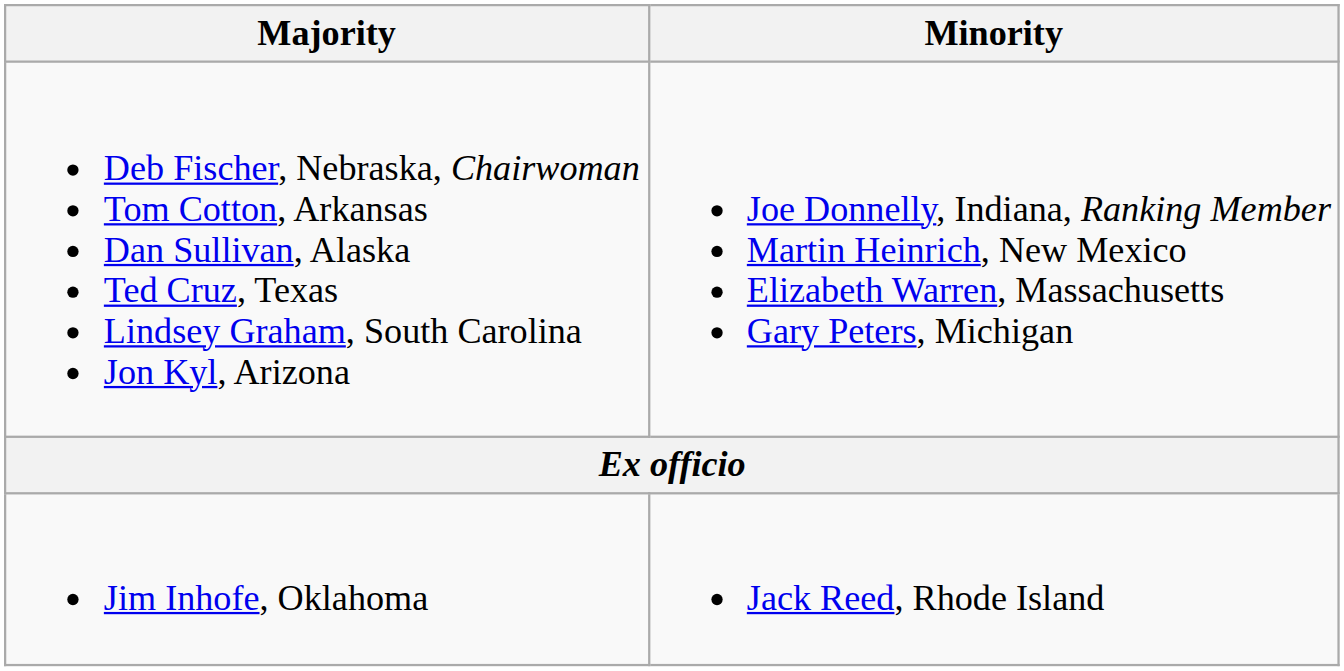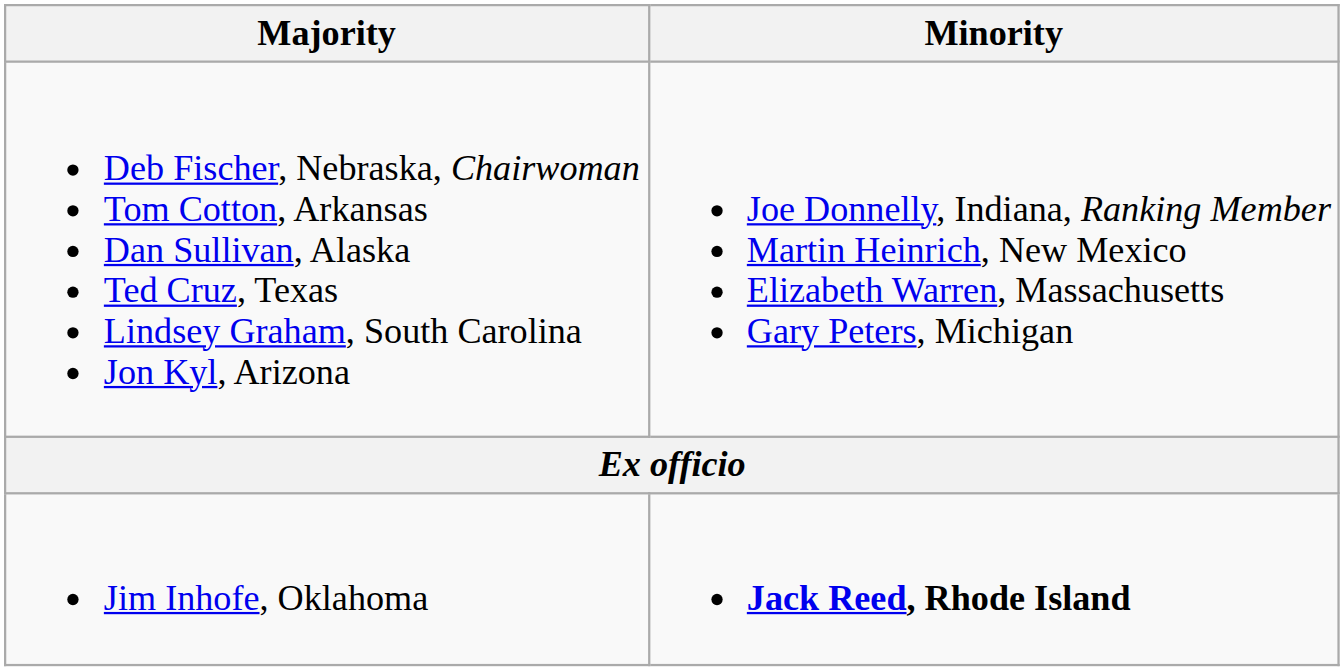 <table class=wikitable>
 <tr>
 <th>Majority</th>
 <th>Minority</th>
 </tr>
 <tr>
 <td><br><ul><li><a href='#'>Deb Fischer</a>, Nebraska, <em>Chairwoman</em></li><li><a href='#'>Tom Cotton</a>, Arkansas</li><li><a href='#'>Dan Sullivan</a>, Alaska</li><li><a href='#'>Ted Cruz</a>, Texas</li><li><a href='#'>Lindsey Graham</a>, South Carolina</li><li><a href='#'>Jon Kyl</a>, Arizona</li></ul></td>
 <td><br><ul><li><a href='#'>Joe Donnelly</a>, Indiana, <em>Ranking Member</em></li><li><a href='#'>Martin Heinrich</a>, New Mexico</li><li><a href='#'>Elizabeth Warren</a>, Massachusetts</li><li><a href='#'>Gary Peters</a>, Michigan</li></ul></td>
 </tr>
 <tr>
 <th colspan=2><em>Ex officio</em></th>
 </tr>
 <tr>
 <td><br><ul><li><a href='#'>Jim Inhofe</a>, Oklahoma</li></ul></td>
-<td><br><ul><li><a href='#'>Jack Reed</a>, Rhode Island</li></ul></td>
+<td><strong><br><ul><li><a href='#'>Jack Reed</a>, Rhode Island</li></ul></strong></td>
 </tr>
 </table>
